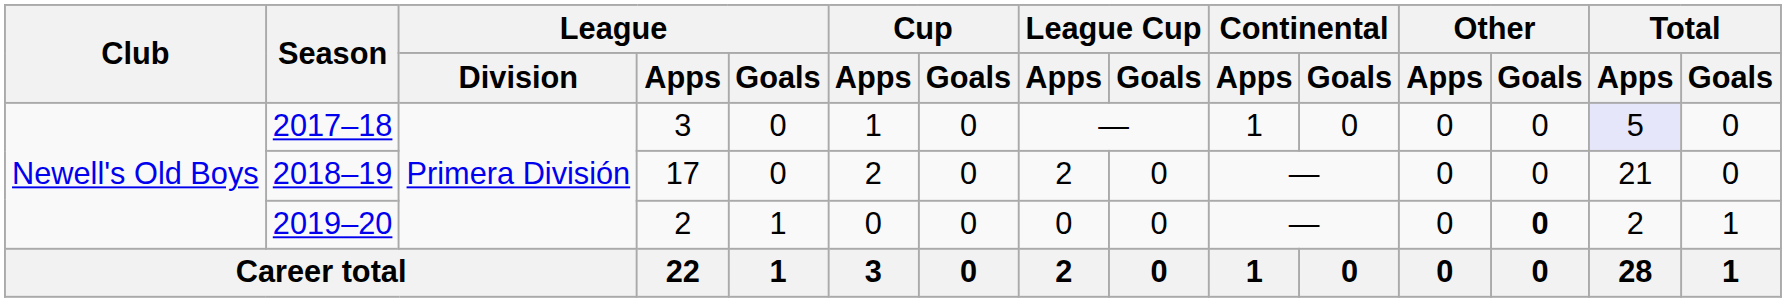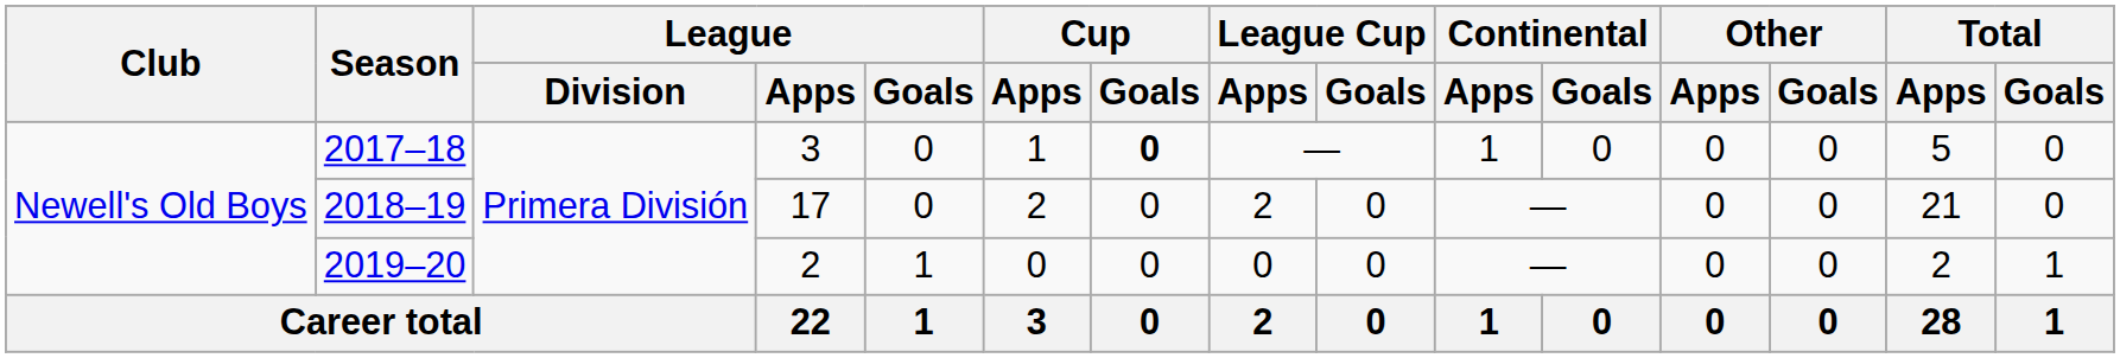 <table class="wikitable" style="text-align:center">
 <tr>
 <th rowspan="2">Club</th>
 <th rowspan="2">Season</th>
 <th colspan="3">League</th>
 <th colspan="2">Cup</th>
 <th colspan="2">League Cup</th>
 <th colspan="2">Continental</th>
 <th colspan="2">Other</th>
 <th colspan="2">Total</th>
 </tr>
 <tr>
 <th>Division</th>
 <th>Apps</th>
 <th>Goals</th>
 <th>Apps</th>
 <th>Goals</th>
 <th>Apps</th>
 <th>Goals</th>
 <th>Apps</th>
 <th>Goals</th>
 <th>Apps</th>
 <th>Goals</th>
 <th>Apps</th>
 <th>Goals</th>
 </tr>
 <tr>
 <td rowspan="3"><a href='#'>Newell's Old Boys</a></td>
 <td><a href='#'>2017–18</a></td>
 <td rowspan="3"><a href='#'>Primera División</a></td>
 <td>3</td>
 <td>0</td>
 <td>1</td>
-<td>0</td>
+<td><strong>0</strong></td>
 <td colspan="2">—</td>
 <td>1</td>
 <td>0</td>
 <td>0</td>
 <td>0</td>
-<td style="background: lavender;">5</td>
+<td>5</td>
 <td>0</td>
 </tr>
 <tr>
 <td><a href='#'>2018–19</a></td>
 <td>17</td>
 <td>0</td>
 <td>2</td>
 <td>0</td>
 <td>2</td>
 <td>0</td>
 <td colspan="2">—</td>
 <td>0</td>
 <td>0</td>
 <td>21</td>
 <td>0</td>
 </tr>
 <tr>
 <td><a href='#'>2019–20</a></td>
 <td>2</td>
 <td>1</td>
 <td>0</td>
 <td>0</td>
 <td>0</td>
 <td>0</td>
 <td colspan="2">—</td>
 <td>0</td>
-<td><strong>0</strong></td>
+<td>0</td>
 <td>2</td>
 <td>1</td>
 </tr>
 <tr>
 <th colspan="3">Career total</th>
 <th>22</th>
 <th>1</th>
 <th>3</th>
 <th>0</th>
 <th>2</th>
 <th>0</th>
 <th>1</th>
 <th>0</th>
 <th>0</th>
 <th>0</th>
 <th>28</th>
 <th>1</th>
 </tr>
 </table>
